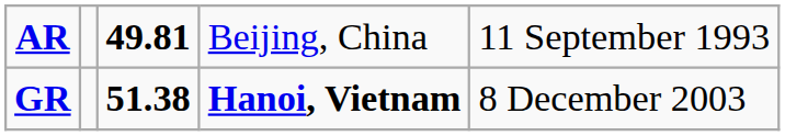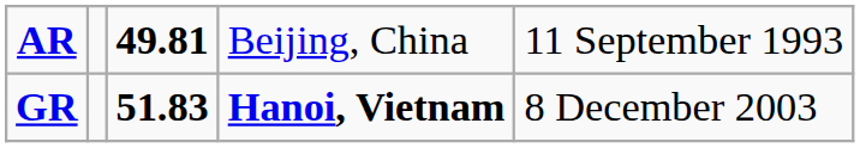 <table class="wikitable" style="font-size:95%; position:relative;">
 <tr>
 <td align=center><strong><a href='#'>AR</a></strong></td>
 <td></td>
 <td><strong>49.81</strong></td>
 <td><a href='#'>Beijing</a>, China</td>
 <td>11 September 1993</td>
 </tr>
 <tr>
 <td align=center><strong><a href='#'>GR</a></strong></td>
 <td></td>
-<td><strong>51.38</strong></td>
+<td><strong>51.83</strong></td>
 <td><strong><a href='#'>Hanoi</a>, Vietnam</strong></td>
 <td>8 December 2003</td>
 </tr>
 </table>
